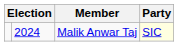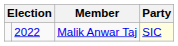 <table class="wikitable">
 <tr>
 <th colspan="2">Election</th>
 <th>Member</th>
 <th>Party</th>
 </tr>
 <tr>
 <td style="background-color: "></td>
-<td><a href='#'>2024</a></td>
+<td><a href='#'>2022</a></td>
 <td><a href='#'>Malik Anwar Taj</a></td>
 <td style="background: lightyellow;"><a href='#'>SIC</a></td>
 </tr>
 </table>
